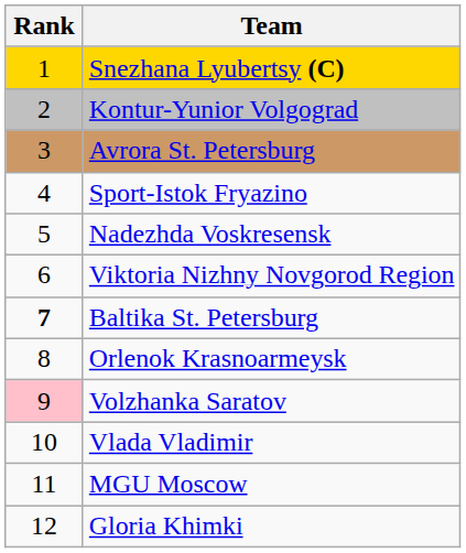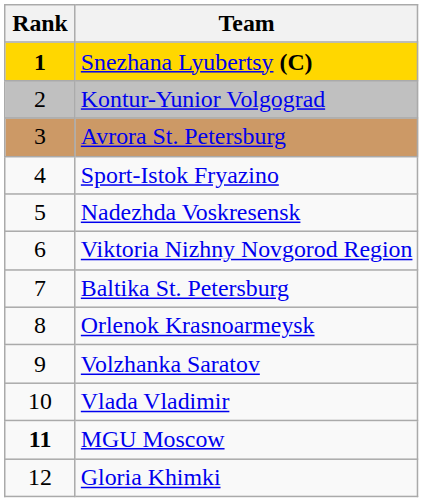 <table class="wikitable" style="text-align: center;">
 <tr>
 <th width=40>Rank</th>
 <th>Team</th>
 </tr>
 <tr style="background:gold">
-<td>1</td>
+<td><strong>1</strong></td>
 <td align=left> <a href='#'>Snezhana Lyubertsy</a> <strong>(C)</strong></td>
 </tr>
 <tr style="background:silver">
 <td>2</td>
 <td align=left> <a href='#'>Kontur-Yunior Volgograd</a></td>
 </tr>
 <tr style="background:#CC9966">
 <td>3</td>
 <td align=left> <a href='#'>Avrora St. Petersburg</a></td>
 </tr>
 <tr>
 <td>4</td>
 <td align=left> <a href='#'>Sport-Istok Fryazino</a></td>
 </tr>
 <tr>
 <td>5</td>
 <td align=left> <a href='#'>Nadezhda Voskresensk</a></td>
 </tr>
 <tr>
 <td>6</td>
 <td align=left> <a href='#'>Viktoria Nizhny Novgorod Region</a></td>
 </tr>
 <tr>
-<td><strong>7</strong></td>
+<td>7</td>
 <td align=left> <a href='#'>Baltika St. Petersburg</a></td>
 </tr>
 <tr>
 <td>8</td>
 <td align=left> <a href='#'>Orlenok Krasnoarmeysk</a></td>
 </tr>
 <tr>
-<td style="background: pink;">9</td>
+<td>9</td>
 <td align=left> <a href='#'>Volzhanka Saratov</a></td>
 </tr>
 <tr>
 <td>10</td>
 <td align=left> <a href='#'>Vlada Vladimir</a></td>
 </tr>
 <tr>
-<td>11</td>
+<td><strong>11</strong></td>
 <td align=left> <a href='#'>MGU Moscow</a></td>
 </tr>
 <tr>
 <td>12</td>
 <td align=left> <a href='#'>Gloria Khimki</a></td>
 </tr>
 </table>
